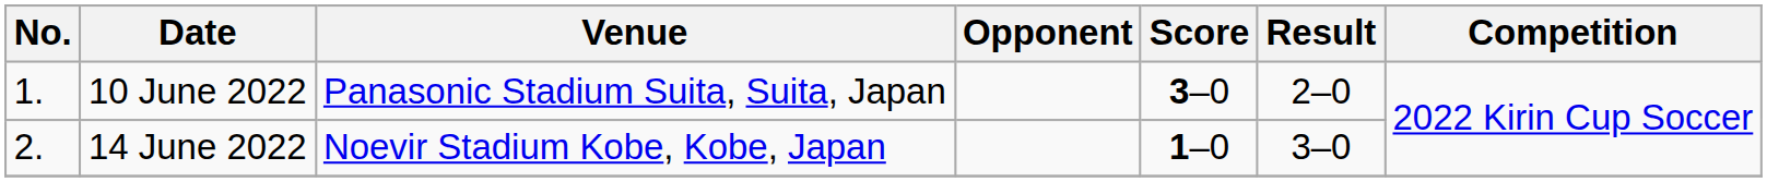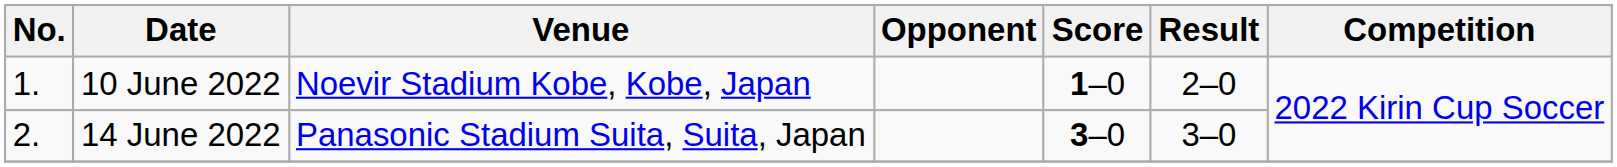 <table class="wikitable">
 <tr>
 <th>No.</th>
 <th>Date</th>
 <th>Venue</th>
 <th>Opponent</th>
 <th>Score</th>
 <th>Result</th>
 <th>Competition</th>
 </tr>
 <tr>
 <td>1.</td>
 <td>10 June 2022</td>
-<td><a href='#'>Panasonic Stadium Suita</a>, <a href='#'>Suita</a>, Japan</td>
+<td><a href='#'>Noevir Stadium Kobe</a>, <a href='#'>Kobe</a>, <a href='#'>Japan</a></td>
 <td></td>
-<td align=center><strong>3</strong>–0</td>
+<td align=center><strong>1</strong>–0</td>
 <td align=center>2–0</td>
 <td rowspan=2><a href='#'>2022 Kirin Cup Soccer</a></td>
 </tr>
 <tr>
 <td>2.</td>
 <td>14 June 2022</td>
-<td><a href='#'>Noevir Stadium Kobe</a>, <a href='#'>Kobe</a>, <a href='#'>Japan</a></td>
+<td><a href='#'>Panasonic Stadium Suita</a>, <a href='#'>Suita</a>, Japan</td>
 <td></td>
-<td align=center><strong>1</strong>–0</td>
+<td align=center><strong>3</strong>–0</td>
 <td align=center>3–0</td>
 </tr>
 <tr>
 </tr>
 </table>
